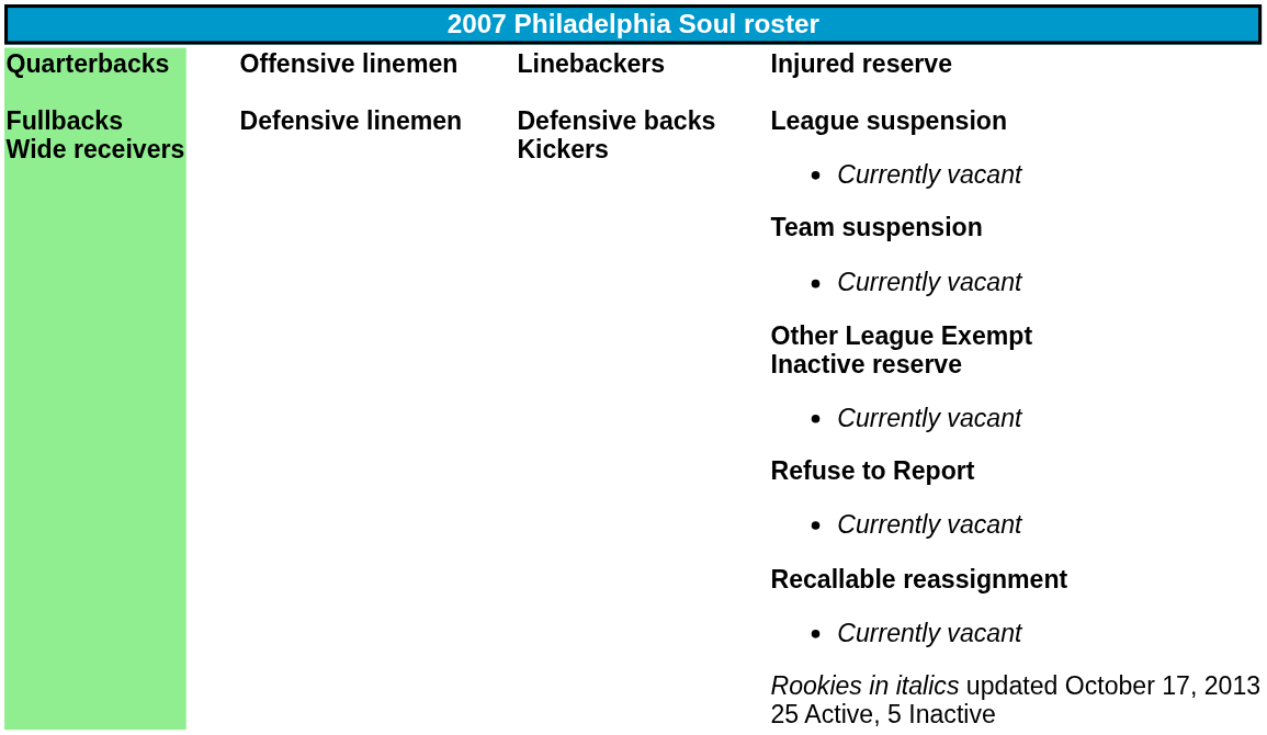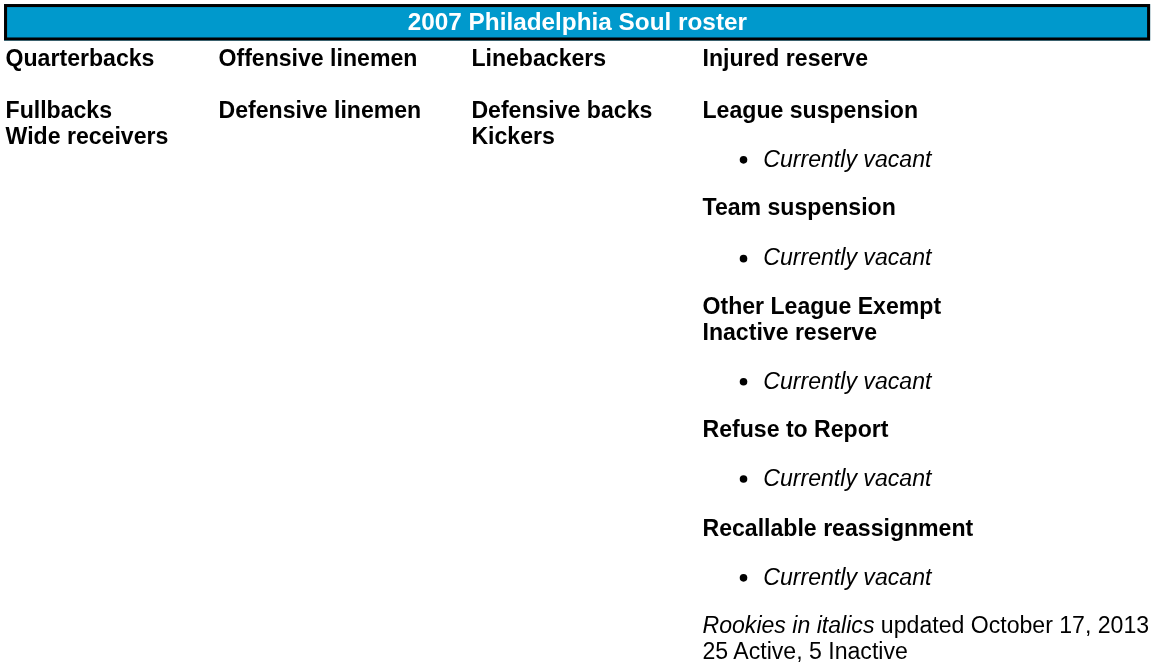 <table class="toccolours" style="text-align: left;">
 <tr>
 <th colspan=7 style="background:#09C; border: 2px solid #000; color:#fff; text-align:center;"><strong>2007 Philadelphia Soul roster</strong></th>
 </tr>
 <tr>
-<td style="background: lightgreen; font-size: 95%;" valign="top"><strong>Quarterbacks</strong><br> <br><strong>Fullbacks</strong> <br><strong>Wide receivers</strong>     </td>
+<td style="font-size: 95%;" valign="top"><strong>Quarterbacks</strong><br> <br><strong>Fullbacks</strong> <br><strong>Wide receivers</strong>     </td>
 <td style="width: 25px;"></td>
 <td style="font-size: 95%;" valign="top"><strong>Offensive linemen</strong><br>   <br><strong>Defensive linemen</strong>     </td>
 <td style="width: 25px;"></td>
 <td style="font-size: 95%;" valign="top"><strong>Linebackers</strong><br> <br><strong>Defensive backs</strong>     <br><strong>Kickers</strong> </td>
 <td style="width: 25px;"></td>
 <td style="font-size: 95%;" valign="top"><strong>Injured reserve</strong><br>   <br><strong>League suspension</strong><ul><li><em>Currently vacant</em></li></ul><strong>Team suspension</strong><ul><li><em>Currently vacant</em></li></ul><strong>Other League Exempt</strong>  <br><strong>Inactive reserve</strong><ul><li><em>Currently vacant</em></li></ul><strong>Refuse to Report</strong><ul><li><em>Currently vacant</em></li></ul><strong>Recallable reassignment</strong><ul><li><em>Currently vacant</em></li></ul> <em>Rookies in italics</em> <span></span> updated October 17, 2013<br> 25 Active, 5 Inactive </td>
 </tr>
 <tr>
 </tr>
 </table>
